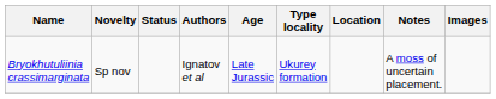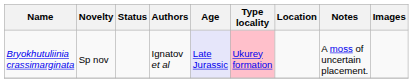 <table class="wikitable sortable" align="center" width="75%">
 <tr>
 <th>Name</th>
 <th>Novelty</th>
 <th>Status</th>
 <th>Authors</th>
 <th>Age</th>
 <th>Type locality</th>
 <th>Location</th>
 <th>Notes</th>
 <th>Images</th>
 </tr>
 <tr>
 <td><br><em><a href='#'>Bryokhutuliinia crassimarginata</a></em></td>
 <td><br>Sp nov</td>
 <td></td>
 <td><br>Ignatov <em>et al</em></td>
-<td><br><a href='#'>Late Jurassic</a></td>
-<td><br><a href='#'>Ukurey formation</a></td>
+<td style="background: lavender;"><br><a href='#'>Late Jurassic</a></td>
+<td style="background: pink;"><br><a href='#'>Ukurey formation</a></td>
 <td><br></td>
 <td><br>A <a href='#'>moss</a> of uncertain placement.</td>
 <td></td>
 </tr>
 <tr>
 </tr>
 </table>
